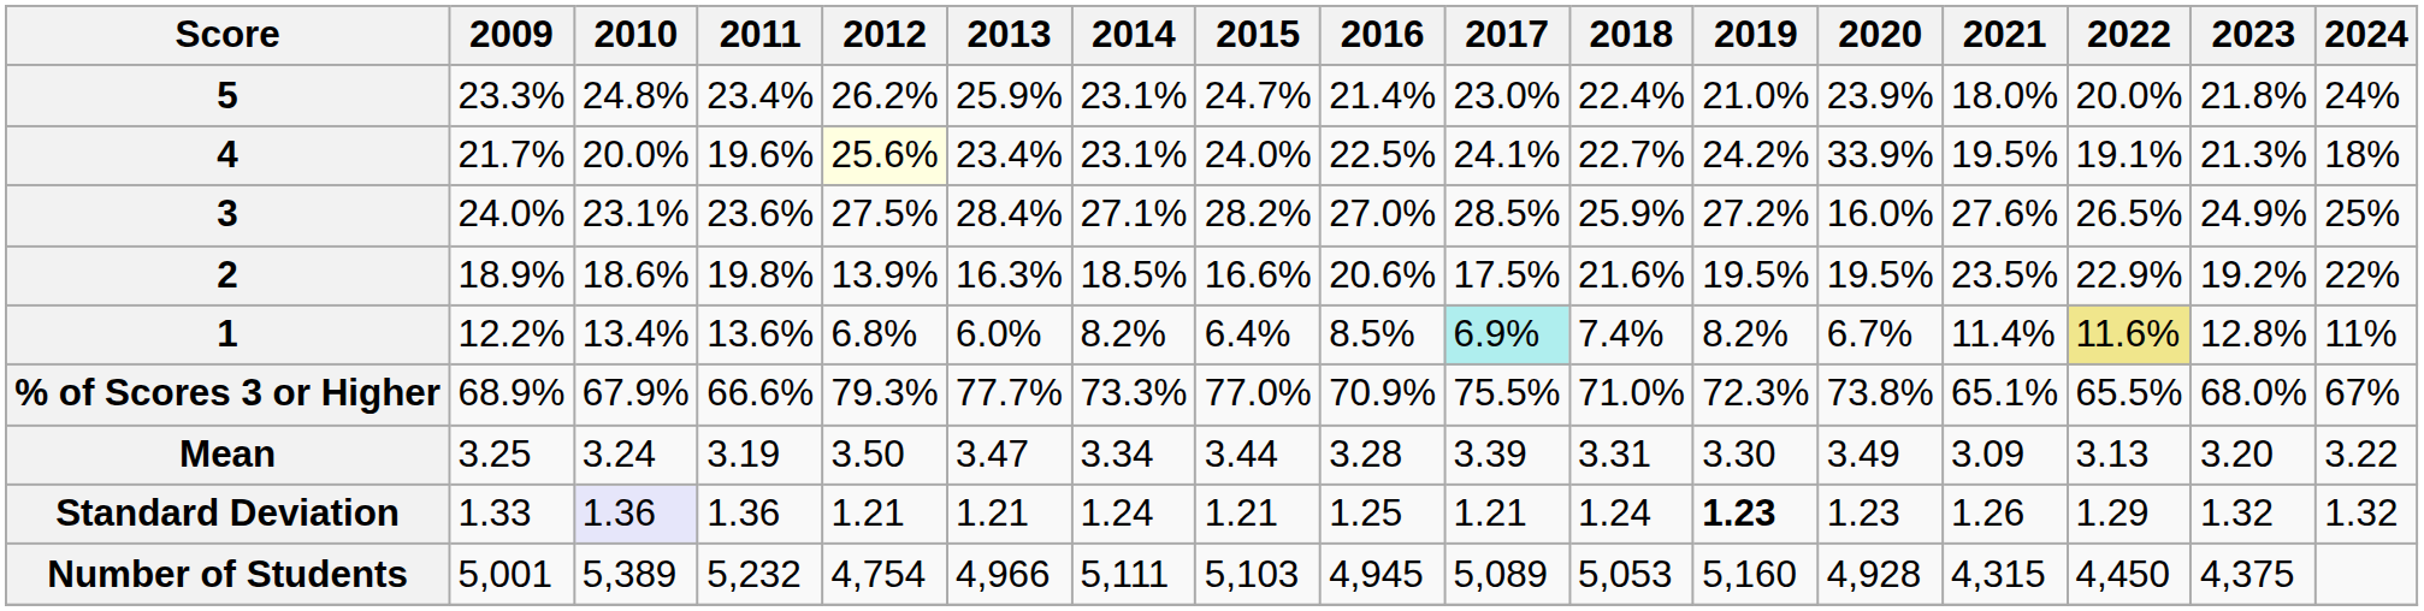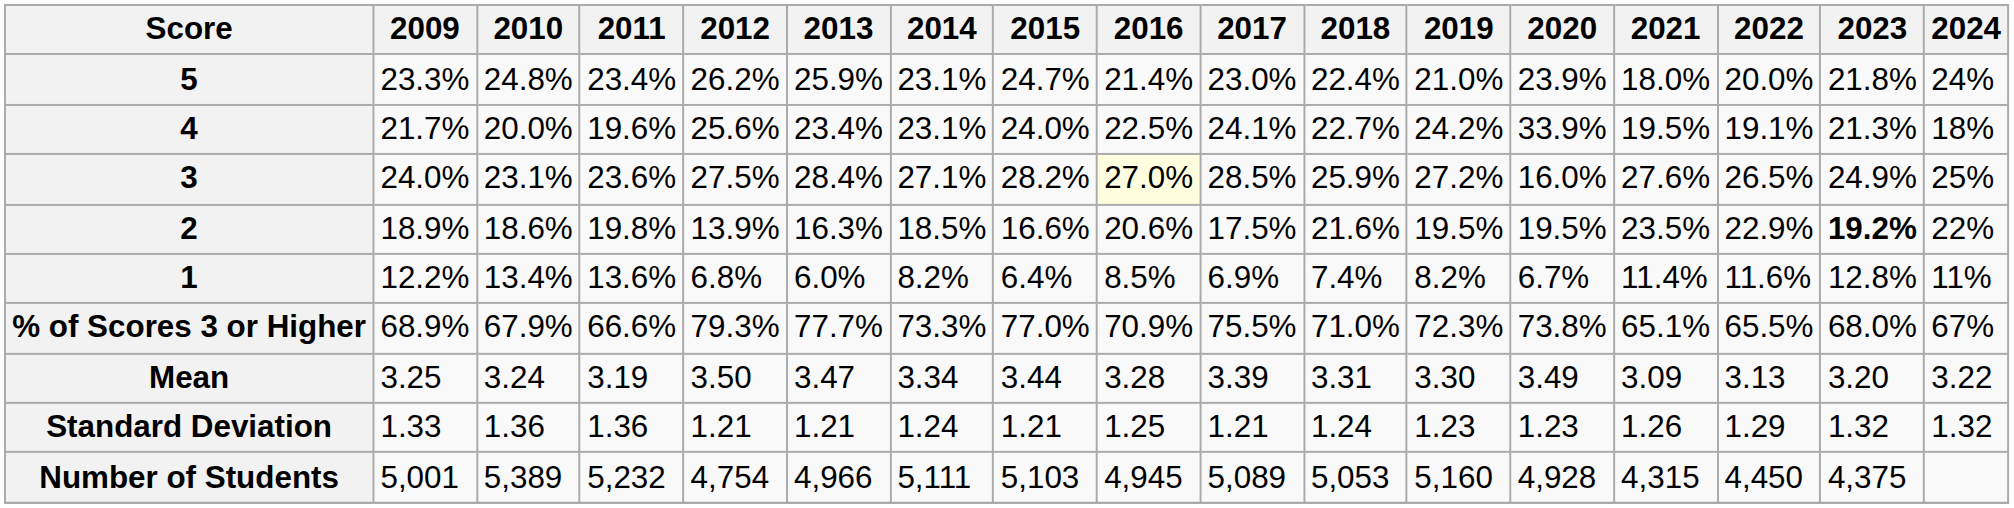 <table class="wikitable">
 <tr>
 <th>Score</th>
 <th>2009</th>
 <th>2010</th>
 <th>2011</th>
 <th>2012</th>
 <th>2013</th>
 <th>2014</th>
 <th>2015</th>
 <th>2016</th>
 <th>2017</th>
 <th>2018</th>
 <th>2019</th>
 <th>2020</th>
 <th>2021</th>
 <th>2022</th>
 <th>2023</th>
 <th>2024</th>
 </tr>
 <tr>
 <th>5</th>
 <td>23.3%</td>
 <td>24.8%</td>
 <td>23.4%</td>
 <td>26.2%</td>
 <td>25.9%</td>
 <td>23.1%</td>
 <td>24.7%</td>
 <td>21.4%</td>
 <td>23.0%</td>
 <td>22.4%</td>
 <td>21.0%</td>
 <td>23.9%</td>
 <td>18.0%</td>
 <td>20.0%</td>
 <td>21.8%</td>
 <td>24%</td>
 </tr>
 <tr>
 <th>4</th>
 <td>21.7%</td>
 <td>20.0%</td>
 <td>19.6%</td>
-<td style="background: lightyellow;">25.6%</td>
+<td>25.6%</td>
 <td>23.4%</td>
 <td>23.1%</td>
 <td>24.0%</td>
 <td>22.5%</td>
 <td>24.1%</td>
 <td>22.7%</td>
 <td>24.2%</td>
 <td>33.9%</td>
 <td>19.5%</td>
 <td>19.1%</td>
 <td>21.3%</td>
 <td>18%</td>
 </tr>
 <tr>
 <th>3</th>
 <td>24.0%</td>
 <td>23.1%</td>
 <td>23.6%</td>
 <td>27.5%</td>
 <td>28.4%</td>
 <td>27.1%</td>
 <td>28.2%</td>
-<td>27.0%</td>
+<td style="background: lightyellow;">27.0%</td>
 <td>28.5%</td>
 <td>25.9%</td>
 <td>27.2%</td>
 <td>16.0%</td>
 <td>27.6%</td>
 <td>26.5%</td>
 <td>24.9%</td>
 <td>25%</td>
 </tr>
 <tr>
 <th>2</th>
 <td>18.9%</td>
 <td>18.6%</td>
 <td>19.8%</td>
 <td>13.9%</td>
 <td>16.3%</td>
 <td>18.5%</td>
 <td>16.6%</td>
 <td>20.6%</td>
 <td>17.5%</td>
 <td>21.6%</td>
 <td>19.5%</td>
 <td>19.5%</td>
 <td>23.5%</td>
 <td>22.9%</td>
-<td>19.2%</td>
+<td><strong>19.2%</strong></td>
 <td>22%</td>
 </tr>
 <tr>
 <th>1</th>
 <td>12.2%</td>
 <td>13.4%</td>
 <td>13.6%</td>
 <td>6.8%</td>
 <td>6.0%</td>
 <td>8.2%</td>
 <td>6.4%</td>
 <td>8.5%</td>
-<td style="background: paleturquoise;">6.9%</td>
+<td>6.9%</td>
 <td>7.4%</td>
 <td>8.2%</td>
 <td>6.7%</td>
 <td>11.4%</td>
-<td style="background: khaki;">11.6%</td>
+<td>11.6%</td>
 <td>12.8%</td>
 <td>11%</td>
 </tr>
 <tr>
 <th>% of Scores 3 or Higher</th>
 <td>68.9%</td>
 <td>67.9%</td>
 <td>66.6%</td>
 <td>79.3%</td>
 <td>77.7%</td>
 <td>73.3%</td>
 <td>77.0%</td>
 <td>70.9%</td>
 <td>75.5%</td>
 <td>71.0%</td>
 <td>72.3%</td>
 <td>73.8%</td>
 <td>65.1%</td>
 <td>65.5%</td>
 <td>68.0%</td>
 <td>67%</td>
 </tr>
 <tr>
 <th>Mean</th>
 <td>3.25</td>
 <td>3.24</td>
 <td>3.19</td>
 <td>3.50</td>
 <td>3.47</td>
 <td>3.34</td>
 <td>3.44</td>
 <td>3.28</td>
 <td>3.39</td>
 <td>3.31</td>
 <td>3.30</td>
 <td>3.49</td>
 <td>3.09</td>
 <td>3.13</td>
 <td>3.20</td>
 <td>3.22</td>
 </tr>
 <tr>
 <th>Standard Deviation</th>
 <td>1.33</td>
-<td style="background: lavender;">1.36</td>
+<td>1.36</td>
 <td>1.36</td>
 <td>1.21</td>
 <td>1.21</td>
 <td>1.24</td>
 <td>1.21</td>
 <td>1.25</td>
 <td>1.21</td>
 <td>1.24</td>
-<td><strong>1.23</strong></td>
+<td>1.23</td>
 <td>1.23</td>
 <td>1.26</td>
 <td>1.29</td>
 <td>1.32</td>
 <td>1.32</td>
 </tr>
 <tr>
 <th>Number of Students</th>
 <td>5,001</td>
 <td>5,389</td>
 <td>5,232</td>
 <td>4,754</td>
 <td>4,966</td>
 <td>5,111</td>
 <td>5,103</td>
 <td>4,945</td>
 <td>5,089</td>
 <td>5,053</td>
 <td>5,160</td>
 <td>4,928</td>
 <td>4,315</td>
 <td>4,450</td>
 <td>4,375</td>
 <td></td>
 </tr>
 <tr>
 </tr>
 </table>
